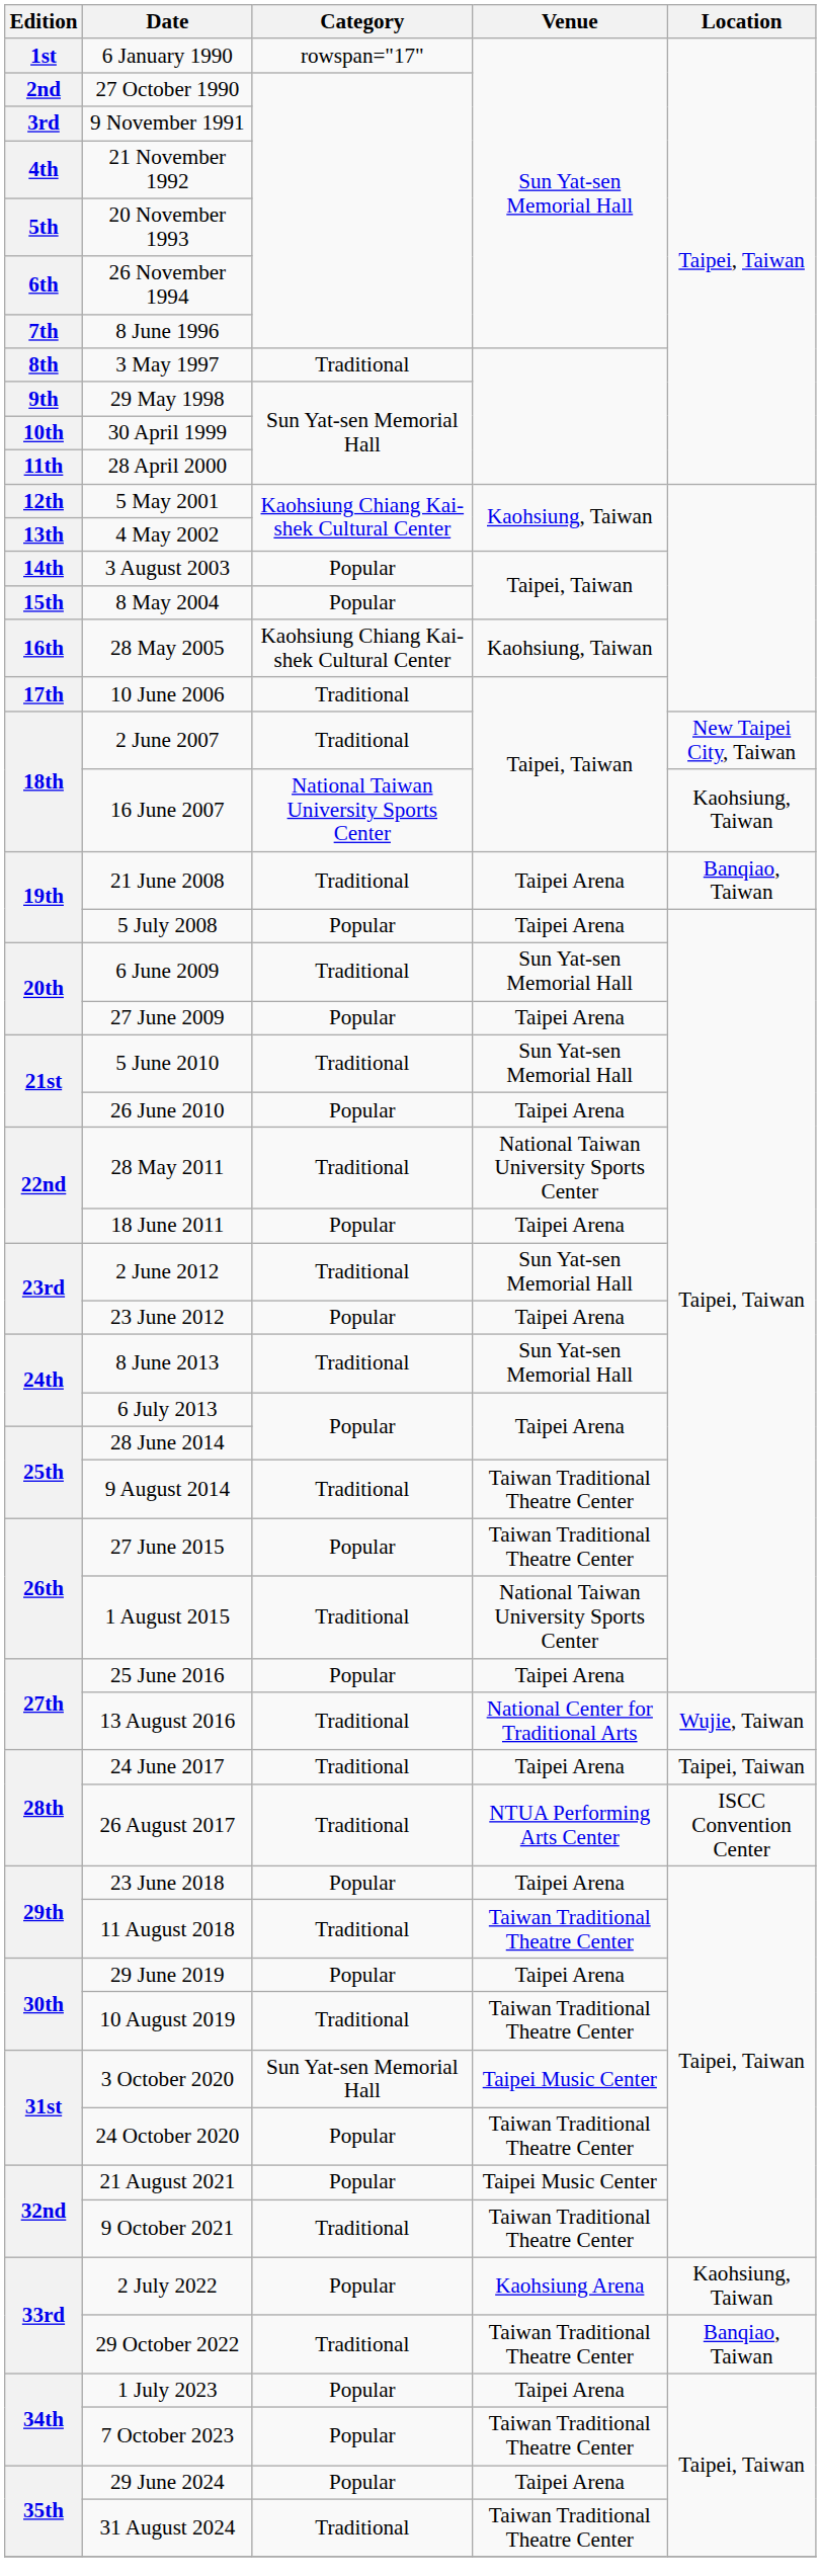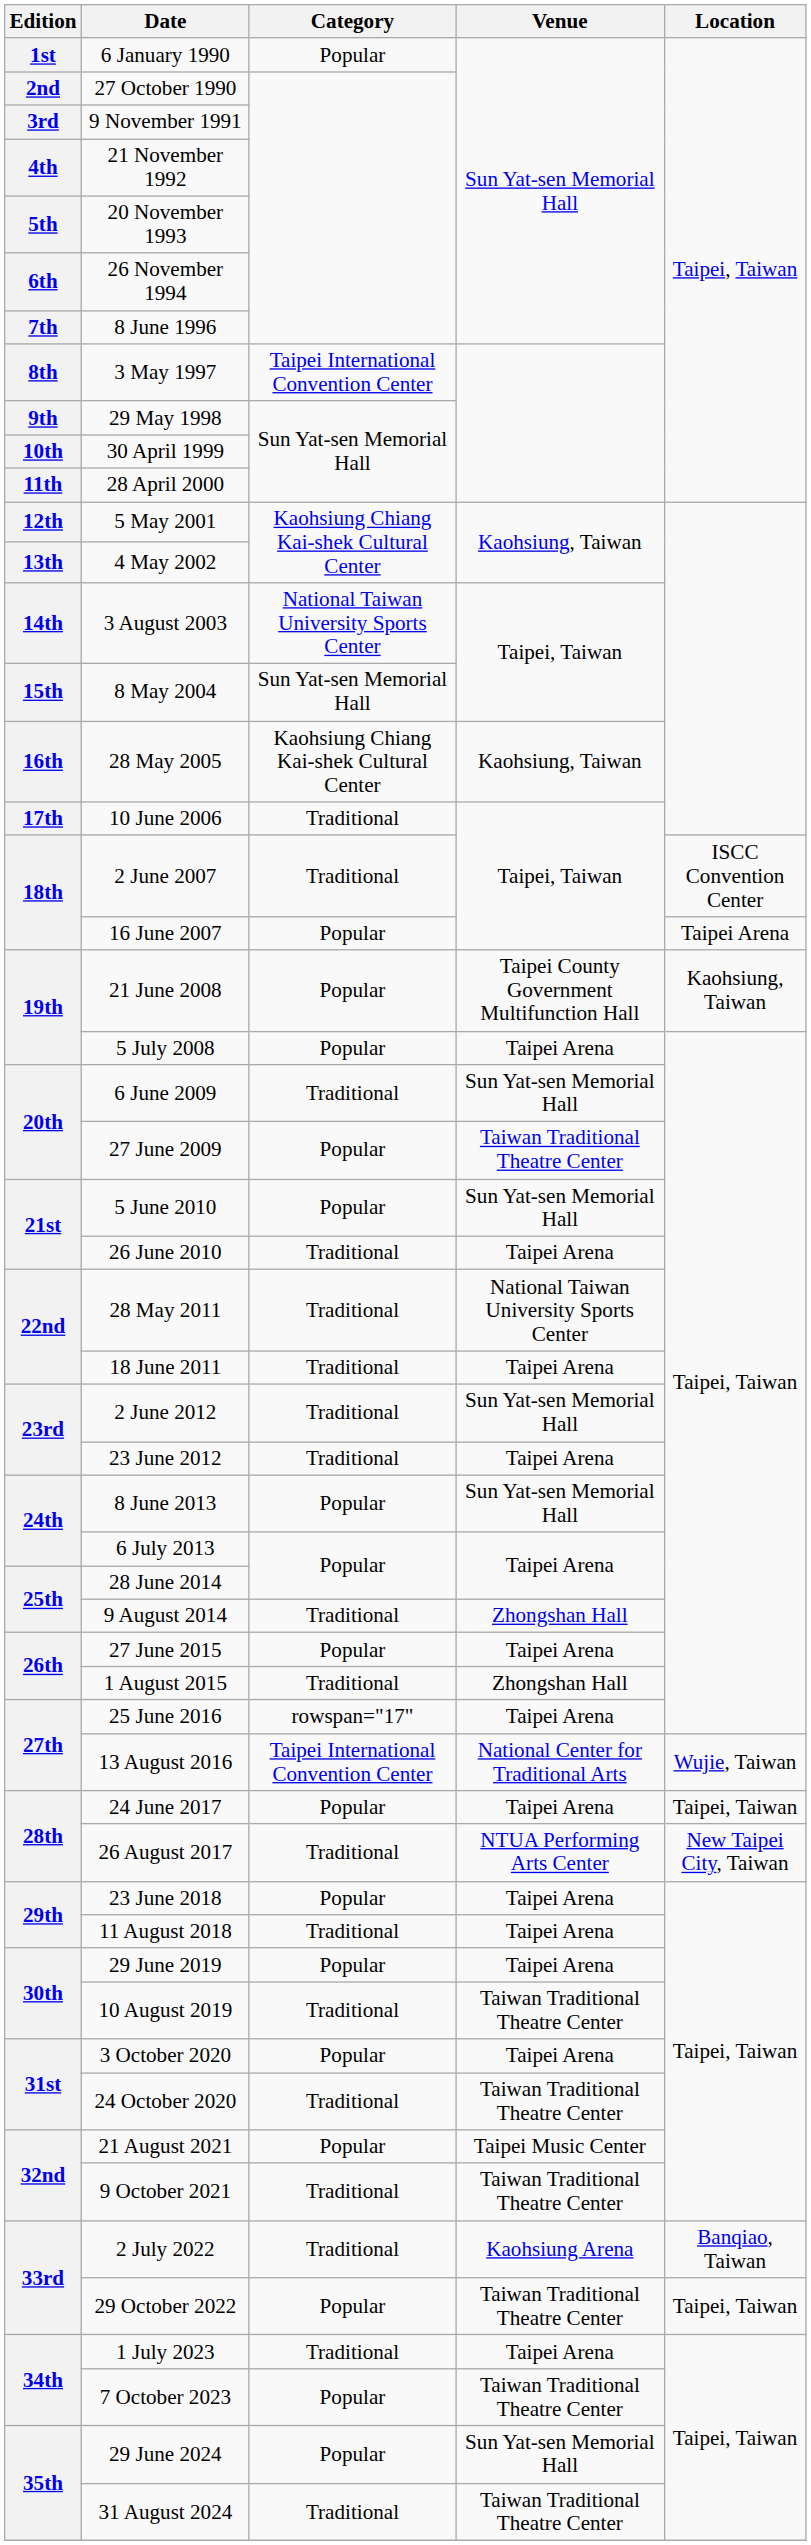 <table class="wikitable plainrowheaders sortable" style="text-align:center">
 <tr>
 <th>Edition</th>
 <th width=120>Date</th>
 <th>Category</th>
 <th>Venue</th>
 <th>Location</th>
 </tr>
 <tr>
 <th scope="row" style="text-align:center;"><a href='#'>1st</a></th>
 <td>6 January 1990</td>
-<td>rowspan="17" </td>
+<td>Popular</td>
 <td rowspan="7"><a href='#'>Sun Yat-sen Memorial Hall</a></td>
 <td rowspan="11"><a href='#'>Taipei</a>, <a href='#'>Taiwan</a></td>
 </tr>
 <tr>
 <th scope="row" style="text-align:center;"><a href='#'>2nd</a></th>
 <td>27 October 1990</td>
 </tr>
 <tr>
 <th scope="row" style="text-align:center;"><a href='#'>3rd</a></th>
 <td>9 November 1991</td>
 </tr>
 <tr>
 <th scope="row" style="text-align:center;"><a href='#'>4th</a></th>
 <td>21 November 1992</td>
 </tr>
 <tr>
 <th scope="row" style="text-align:center;"><a href='#'>5th</a></th>
 <td>20 November 1993</td>
 </tr>
 <tr>
 <th scope="row" style="text-align:center;"><a href='#'>6th</a></th>
 <td>26 November 1994</td>
 </tr>
 <tr>
 <th scope="row" style="text-align:center;"><a href='#'>7th</a></th>
 <td>8 June 1996</td>
 </tr>
 <tr>
 <th scope="row" style="text-align:center;"><a href='#'>8th</a></th>
 <td>3 May 1997</td>
-<td>Traditional</td>
+<td><a href='#'>Taipei International Convention Center</a></td>
 </tr>
 <tr>
 <th scope="row" style="text-align:center;"><a href='#'>9th</a></th>
 <td>29 May 1998</td>
 <td rowspan="3">Sun Yat-sen Memorial Hall</td>
 </tr>
 <tr>
 <th scope="row" style="text-align:center;"><a href='#'>10th</a></th>
 <td>30 April 1999</td>
 </tr>
 <tr>
 <th scope="row" style="text-align:center;"><a href='#'>11th</a></th>
 <td>28 April 2000</td>
 </tr>
 <tr>
 <th scope="row" style="text-align:center;"><a href='#'>12th</a></th>
 <td>5 May 2001</td>
 <td rowspan="2"><a href='#'>Kaohsiung Chiang Kai-shek Cultural Center</a></td>
 <td rowspan="2"><a href='#'>Kaohsiung</a>, Taiwan</td>
 </tr>
 <tr>
 <th scope="row" style="text-align:center;"><a href='#'>13th</a></th>
 <td>4 May 2002</td>
 </tr>
 <tr>
 <th scope="row" style="text-align:center;"><a href='#'>14th</a></th>
 <td>3 August 2003</td>
-<td>Popular</td>
+<td><a href='#'>National Taiwan University Sports Center</a></td>
 <td rowspan="2">Taipei, Taiwan</td>
 </tr>
 <tr>
 <th scope="row" style="text-align:center;"><a href='#'>15th</a></th>
 <td>8 May 2004</td>
-<td>Popular</td>
+<td>Sun Yat-sen Memorial Hall</td>
 </tr>
 <tr>
 <th scope="row" style="text-align:center;"><a href='#'>16th</a></th>
 <td>28 May 2005</td>
 <td>Kaohsiung Chiang Kai-shek Cultural Center</td>
 <td>Kaohsiung, Taiwan</td>
 </tr>
 <tr>
 <th scope="row" style="text-align:center;"><a href='#'>17th</a></th>
 <td>10 June 2006</td>
 <td>Traditional</td>
 <td rowspan="3">Taipei, Taiwan</td>
 </tr>
 <tr>
 <th scope="row" style="text-align:center;" rowspan="2"><a href='#'>18th</a></th>
 <td>2 June 2007</td>
 <td>Traditional</td>
-<td><a href='#'>New Taipei City</a>, Taiwan</td>
+<td>ISCC Convention Center</td>
 </tr>
 <tr>
 <td>16 June 2007</td>
-<td><a href='#'>National Taiwan University Sports Center</a></td>
-<td>Kaohsiung, Taiwan</td>
+<td>Popular</td>
+<td>Taipei Arena</td>
 </tr>
 <tr>
 <th scope="row" style="text-align:center;" rowspan="2"><a href='#'>19th</a></th>
 <td>21 June 2008</td>
-<td>Traditional</td>
-<td>Taipei Arena</td>
-<td><a href='#'>Banqiao</a>, Taiwan</td>
+<td>Popular</td>
+<td>Taipei County Government Multifunction Hall</td>
+<td>Kaohsiung, Taiwan</td>
 </tr>
 <tr>
 <td>5 July 2008</td>
 <td>Popular</td>
 <td>Taipei Arena</td>
 <td rowspan="16">Taipei, Taiwan</td>
 </tr>
 <tr>
 <th scope="row" style="text-align:center;" rowspan="2"><a href='#'>20th</a></th>
 <td>6 June 2009</td>
 <td>Traditional</td>
 <td>Sun Yat-sen Memorial Hall</td>
 </tr>
 <tr>
 <td>27 June 2009</td>
 <td>Popular</td>
-<td>Taipei Arena</td>
+<td><a href='#'>Taiwan Traditional Theatre Center</a></td>
 </tr>
 <tr>
 <th scope="row" style="text-align:center;" rowspan="2"><a href='#'>21st</a></th>
 <td>5 June 2010</td>
-<td>Traditional</td>
+<td>Popular</td>
 <td>Sun Yat-sen Memorial Hall</td>
 </tr>
 <tr>
 <td>26 June 2010</td>
-<td>Popular</td>
+<td>Traditional</td>
 <td>Taipei Arena</td>
 </tr>
 <tr>
 <th scope="row" style="text-align:center;" rowspan="2"><a href='#'>22nd</a></th>
 <td>28 May 2011</td>
 <td>Traditional</td>
 <td>National Taiwan University Sports Center</td>
 </tr>
 <tr>
 <td>18 June 2011</td>
-<td>Popular</td>
+<td>Traditional</td>
 <td>Taipei Arena</td>
 </tr>
 <tr>
 <th scope="row" style="text-align:center;" rowspan="2"><a href='#'>23rd</a></th>
 <td>2 June 2012</td>
 <td>Traditional</td>
 <td>Sun Yat-sen Memorial Hall</td>
 </tr>
 <tr>
 <td>23 June 2012</td>
-<td>Popular</td>
+<td>Traditional</td>
 <td>Taipei Arena</td>
 </tr>
 <tr>
 <th scope="row" style="text-align:center;" rowspan="2"><a href='#'>24th</a></th>
 <td>8 June 2013</td>
-<td>Traditional</td>
+<td>Popular</td>
 <td>Sun Yat-sen Memorial Hall</td>
 </tr>
 <tr>
 <td>6 July 2013</td>
 <td rowspan="2">Popular</td>
 <td rowspan="2">Taipei Arena</td>
 </tr>
 <tr>
 <th scope="row" style="text-align:center;" rowspan="2"><a href='#'>25th</a></th>
 <td>28 June 2014</td>
 </tr>
 <tr>
 <td>9 August 2014</td>
 <td>Traditional</td>
-<td>Taiwan Traditional Theatre Center</td>
+<td><a href='#'>Zhongshan Hall</a></td>
 </tr>
 <tr>
 <th scope="row" style="text-align:center;" rowspan="2"><a href='#'>26th</a></th>
 <td>27 June 2015</td>
 <td>Popular</td>
-<td>Taiwan Traditional Theatre Center</td>
+<td>Taipei Arena</td>
 </tr>
 <tr>
 <td>1 August 2015</td>
 <td>Traditional</td>
-<td>National Taiwan University Sports Center</td>
+<td>Zhongshan Hall</td>
 </tr>
 <tr>
 <th scope="row" style="text-align:center;" rowspan="2"><a href='#'>27th</a></th>
 <td>25 June 2016</td>
-<td>Popular</td>
+<td>rowspan="17" </td>
 <td>Taipei Arena</td>
 </tr>
 <tr>
 <td>13 August 2016</td>
-<td>Traditional</td>
+<td><a href='#'>Taipei International Convention Center</a></td>
 <td><a href='#'>National Center for Traditional Arts</a></td>
 <td><a href='#'>Wujie</a>, Taiwan</td>
 </tr>
 <tr>
 <th scope="row" style="text-align:center;" rowspan="2"><a href='#'>28th</a></th>
 <td>24 June 2017</td>
-<td>Traditional</td>
+<td>Popular</td>
 <td>Taipei Arena</td>
 <td>Taipei, Taiwan</td>
 </tr>
 <tr>
 <td>26 August 2017</td>
 <td>Traditional</td>
 <td><a href='#'>NTUA Performing Arts Center</a></td>
-<td>ISCC Convention Center</td>
+<td><a href='#'>New Taipei City</a>, Taiwan</td>
 </tr>
 <tr>
 <th scope="row" style="text-align:center;" rowspan="2"><a href='#'>29th</a></th>
 <td>23 June 2018</td>
 <td>Popular</td>
 <td>Taipei Arena</td>
 <td rowspan="8">Taipei, Taiwan</td>
 </tr>
 <tr>
 <td>11 August 2018</td>
 <td>Traditional</td>
-<td><a href='#'>Taiwan Traditional Theatre Center</a></td>
+<td>Taipei Arena</td>
 </tr>
 <tr>
 <th scope="row" style="text-align:center;" rowspan="2"><a href='#'>30th</a></th>
 <td>29 June 2019</td>
 <td>Popular</td>
 <td>Taipei Arena</td>
 </tr>
 <tr>
 <td>10 August 2019</td>
 <td>Traditional</td>
 <td>Taiwan Traditional Theatre Center</td>
 </tr>
 <tr>
 <th scope="row" style="text-align:center;" rowspan="2"><a href='#'>31st</a></th>
 <td>3 October 2020</td>
-<td>Sun Yat-sen Memorial Hall</td>
-<td><a href='#'>Taipei Music Center</a></td>
+<td>Popular</td>
+<td>Taipei Arena</td>
 </tr>
 <tr>
 <td>24 October 2020</td>
-<td>Popular</td>
+<td>Traditional</td>
 <td>Taiwan Traditional Theatre Center</td>
 </tr>
 <tr>
 <th scope="row" style="text-align:center;" rowspan="2"><a href='#'>32nd</a></th>
 <td>21 August 2021</td>
 <td>Popular</td>
 <td>Taipei Music Center</td>
 </tr>
 <tr>
 <td>9 October 2021</td>
 <td>Traditional</td>
 <td>Taiwan Traditional Theatre Center</td>
 </tr>
 <tr>
 <th scope="row" style="text-align:center;" rowspan="2"><a href='#'>33rd</a></th>
 <td>2 July 2022</td>
-<td>Popular</td>
+<td>Traditional</td>
 <td><a href='#'>Kaohsiung Arena</a></td>
-<td>Kaohsiung, Taiwan</td>
+<td><a href='#'>Banqiao</a>, Taiwan</td>
 </tr>
 <tr>
 <td>29 October 2022</td>
-<td>Traditional</td>
+<td>Popular</td>
 <td>Taiwan Traditional Theatre Center</td>
-<td><a href='#'>Banqiao</a>, Taiwan</td>
+<td>Taipei, Taiwan</td>
 </tr>
 <tr>
 <th scope="row" style="text-align:center;" rowspan="2"><a href='#'>34th</a></th>
 <td>1 July 2023</td>
-<td>Popular</td>
+<td>Traditional</td>
 <td>Taipei Arena</td>
 <td rowspan="4">Taipei, Taiwan</td>
 </tr>
 <tr>
 <td>7 October 2023</td>
 <td>Popular</td>
 <td>Taiwan Traditional Theatre Center</td>
 </tr>
 <tr>
 <th rowspan="2"><a href='#'>35th</a></th>
 <td>29 June 2024</td>
 <td>Popular</td>
-<td>Taipei Arena</td>
+<td>Sun Yat-sen Memorial Hall</td>
 </tr>
 <tr>
 <td>31 August 2024</td>
 <td>Traditional</td>
 <td>Taiwan Traditional Theatre Center</td>
 </tr>
 <tr>
 </tr>
 </table>
